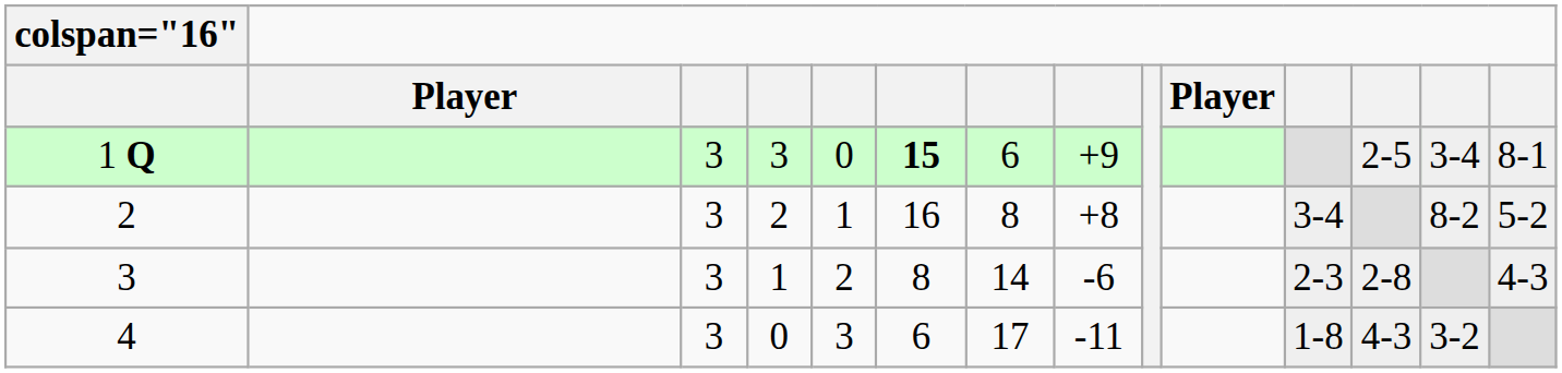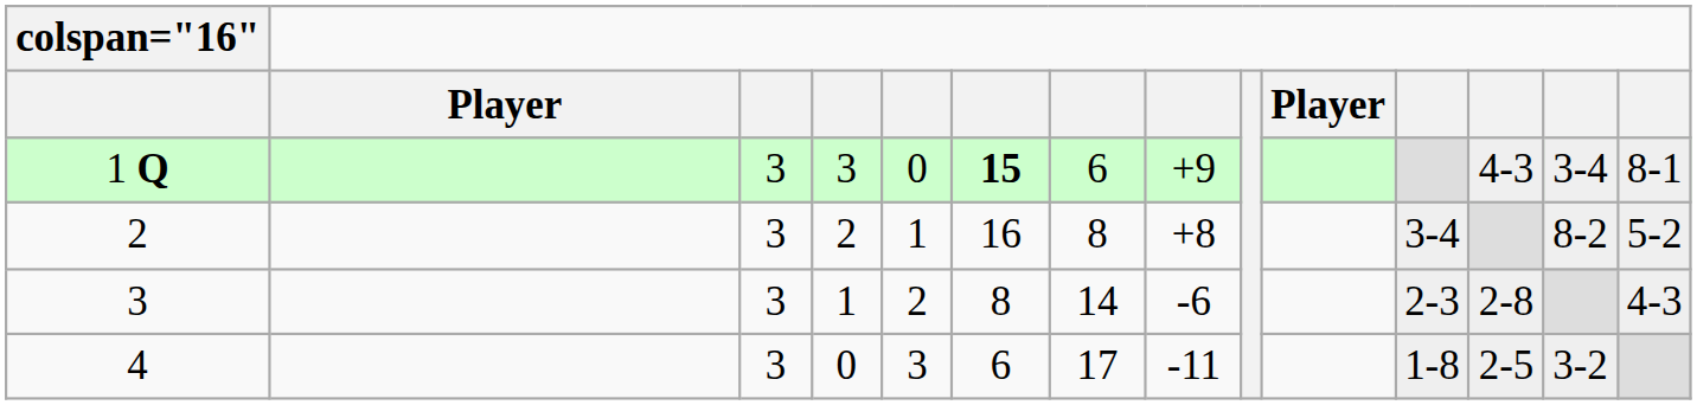 <table class=wikitable style=text-align:center>
 <tr>
 <th>colspan="16" </th>
 </tr>
 <tr>
 <th width=20 abbr=Position></th>
 <th width=175>Player</th>
 <th width=20 abbr=Played></th>
 <th width=20 abbr=Won></th>
 <th width=20 abbr=Lost></th>
 <th width=30 abbr=Points for></th>
 <th width=30 abbr=Points against></th>
 <th width=30 abbr=Points difference></th>
 <th rowspan="5" abbr=H2H></th>
 <th>Player</th>
 <th></th>
 <th></th>
 <th></th>
 <th></th>
 </tr>
 <tr bgcolor=#CCFFCC>
 <td>1 <strong>Q</strong></td>
 <td align=left></td>
 <td>3</td>
 <td>3</td>
 <td>0</td>
 <td><strong>15</strong></td>
 <td>6</td>
 <td>+9</td>
 <td></td>
 <td bgcolor="#dddddd"> </td>
-<td bgcolor="#efefef">2-5</td>
+<td bgcolor="#efefef">4-3</td>
 <td bgcolor="#efefef">3-4</td>
 <td bgcolor="#efefef">8-1</td>
 </tr>
 <tr>
 <td>2  </td>
 <td align=left></td>
 <td>3</td>
 <td>2</td>
 <td>1</td>
 <td>16</td>
 <td>8</td>
 <td>+8</td>
 <td></td>
 <td bgcolor="#efefef">3-4</td>
 <td bgcolor="#dddddd"> </td>
 <td bgcolor="#efefef">8-2</td>
 <td bgcolor="#efefef">5-2</td>
 </tr>
 <tr>
 <td>3 </td>
 <td align=left></td>
 <td>3</td>
 <td>1</td>
 <td>2</td>
 <td>8</td>
 <td>14</td>
 <td>-6</td>
 <td></td>
 <td bgcolor="#efefef">2-3</td>
 <td bgcolor="#efefef">2-8</td>
 <td bgcolor="#dddddd"> </td>
 <td bgcolor="#efefef">4-3</td>
 </tr>
 <tr>
 <td>4 </td>
 <td align=left></td>
 <td>3</td>
 <td>0</td>
 <td>3</td>
 <td>6</td>
 <td>17</td>
 <td>-11</td>
 <td></td>
 <td bgcolor="#efefef">1-8</td>
-<td bgcolor="#efefef">4-3</td>
+<td bgcolor="#efefef">2-5</td>
 <td bgcolor="#efefef">3-2</td>
 <td bgcolor="#dddddd"> </td>
 </tr>
 </table>
